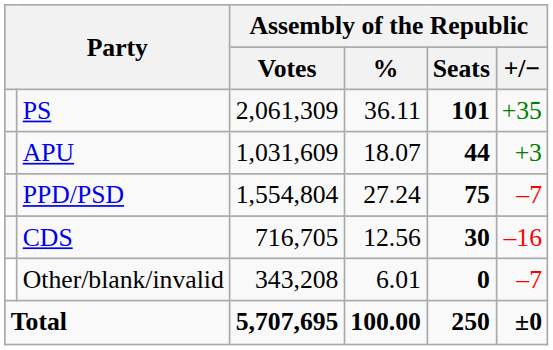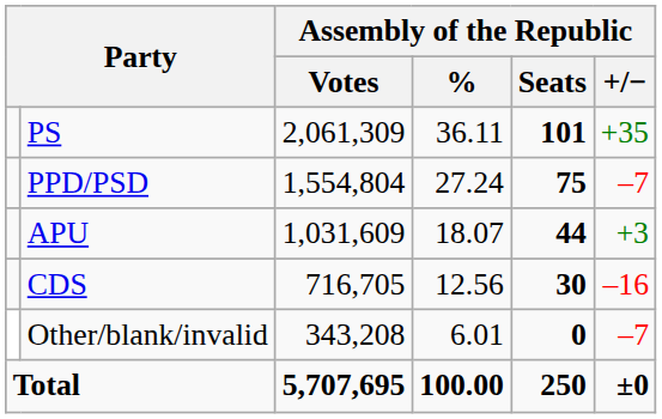 <table class="wikitable" style="text-align:right; font-size:95%;">
 <tr>
 <th colspan="2" rowspan="2">Party</th>
 <th colspan="4">Assembly of the Republic</th>
 </tr>
 <tr>
 <th>Votes</th>
 <th>%</th>
 <th>Seats</th>
 <th>+/−</th>
 </tr>
 <tr>
 <td style="background:"></td>
 <td align="left"><a href='#'>PS</a></td>
 <td>2,061,309</td>
 <td>36.11</td>
 <td><strong>101</strong></td>
 <td style="color:green;">+35</td>
 </tr>
 <tr>
 <td style="background:"></td>
+<td align="left"><a href='#'>PPD/PSD</a></td>
+<td>1,554,804</td>
+<td>27.24</td>
+<td><strong>75</strong></td>
+<td style="color:red;">–7</td>
+</tr>
+<tr>
+<td style="background:"></td>
 <td align="left"><a href='#'>APU</a></td>
 <td>1,031,609</td>
 <td>18.07</td>
 <td><strong>44</strong></td>
 <td style="color:green;">+3</td>
-</tr>
-<tr>
-<td style="background:"></td>
-<td align="left"><a href='#'>PPD/PSD</a></td>
-<td>1,554,804</td>
-<td>27.24</td>
-<td><strong>75</strong></td>
-<td style="color:red;">–7</td>
 </tr>
 <tr>
 <td style="background:"></td>
 <td align="left"><a href='#'>CDS</a></td>
 <td>716,705</td>
 <td>12.56</td>
 <td><strong>30</strong></td>
 <td style="color:red;">–16</td>
 </tr>
 <tr>
 <td style="background:white;"></td>
 <td align="left">Other/blank/invalid</td>
 <td>343,208</td>
 <td>6.01</td>
 <td><strong>0</strong></td>
 <td style="color:red;">–7</td>
 </tr>
 <tr style="font-weight:bold">
 <td colspan="2" align="left">Total</td>
 <td>5,707,695</td>
 <td>100.00</td>
 <td>250</td>
 <td>±0</td>
 </tr>
 </table>
